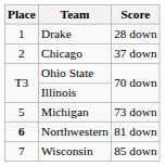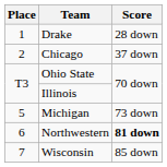 <table class=wikitable>
 <tr>
 <th>Place</th>
 <th>Team</th>
 <th>Score</th>
 </tr>
 <tr>
 <td align=center>1</td>
 <td>Drake</td>
 <td>28 down</td>
 </tr>
 <tr>
 <td align=center>2</td>
 <td>Chicago</td>
 <td>37 down</td>
 </tr>
 <tr>
 <td align=center rowspan=2>T3</td>
 <td>Ohio State</td>
 <td rowspan=2>70 down</td>
 </tr>
 <tr>
 <td>Illinois</td>
 </tr>
 <tr>
 <td align=center>5</td>
 <td>Michigan</td>
 <td>73 down</td>
 </tr>
 <tr>
-<td align=center><strong>6</strong></td>
+<td align=center>6</td>
 <td>Northwestern</td>
-<td>81 down</td>
+<td><strong>81 down</strong></td>
 </tr>
 <tr>
 <td align=center>7</td>
 <td>Wisconsin</td>
 <td>85 down</td>
 </tr>
 </table>
